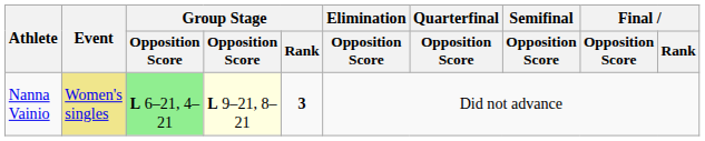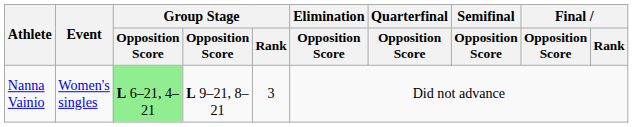 <table class="wikitable" style="font-size:90%">
 <tr>
 <th rowspan=2>Athlete</th>
 <th rowspan=2>Event</th>
 <th colspan=3>Group Stage</th>
 <th>Elimination</th>
 <th>Quarterfinal</th>
 <th>Semifinal</th>
 <th colspan=2>Final / </th>
 </tr>
 <tr style="font-size:95%">
 <th>Opposition<br>Score</th>
 <th>Opposition<br>Score</th>
 <th>Rank</th>
 <th>Opposition<br>Score</th>
 <th>Opposition<br>Score</th>
 <th>Opposition<br>Score</th>
 <th>Opposition<br>Score</th>
 <th>Rank</th>
 </tr>
 <tr align=center>
 <td align=left><a href='#'>Nanna Vainio</a></td>
-<td align=left style="background: khaki;"><a href='#'>Women's singles</a></td>
+<td align=left><a href='#'>Women's singles</a></td>
 <td style="background: lightgreen;"><br><strong>L</strong> 6–21, 4–21</td>
-<td style="background: lightyellow;"><br><strong>L</strong> 9–21, 8–21</td>
-<td><strong>3</strong></td>
+<td><br><strong>L</strong> 9–21, 8–21</td>
+<td>3</td>
 <td colspan=5>Did not advance</td>
 </tr>
 </table>
